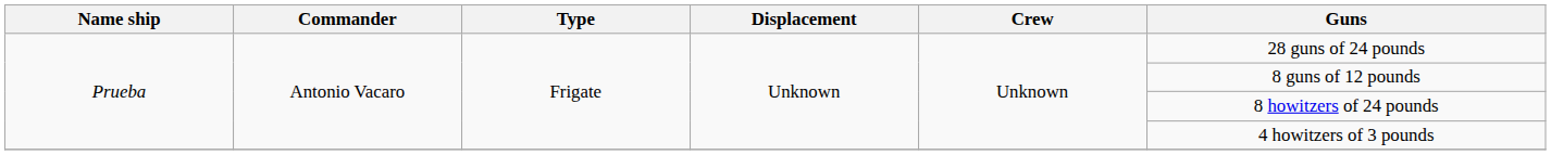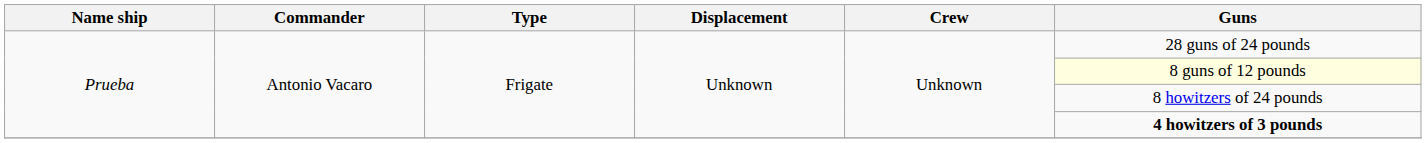 <table class="wikitable" border="1">
 <tr>
 <th width="8%">Name ship</th>
 <th width="8%">Commander</th>
 <th width="8%">Type</th>
 <th width="8%">Displacement</th>
 <th width="8%">Crew</th>
 <th width="14%">Guns</th>
 </tr>
 <tr>
 <td align="center" rowspan="4"><em>Prueba</em></td>
 <td align="center" rowspan="4">Antonio Vacaro</td>
 <td align="center" rowspan="4">Frigate</td>
 <td align="center" rowspan="4">Unknown</td>
 <td align="center" rowspan="4">Unknown</td>
 <td align="center">28 guns of 24 pounds</td>
 </tr>
 <tr>
-<td align="center">8 guns of 12 pounds</td>
+<td align="center" style="background: lightyellow;">8 guns of 12 pounds</td>
 </tr>
 <tr>
 <td align="center">8 <a href='#'>howitzers</a> of 24 pounds</td>
 </tr>
 <tr>
-<td align="center">4 howitzers of 3 pounds</td>
+<td align="center"><strong>4 howitzers of 3 pounds</strong></td>
 </tr>
 <tr>
 </tr>
 </table>
